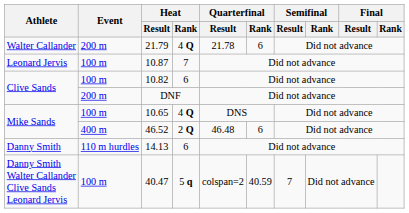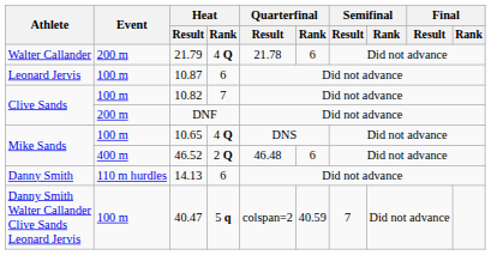 <table class="wikitable" style="font-size:90%">
 <tr>
 <th rowspan="2">Athlete</th>
 <th rowspan="2">Event</th>
 <th colspan="2">Heat</th>
 <th colspan="2">Quarterfinal</th>
 <th colspan="2">Semifinal</th>
 <th colspan="2">Final</th>
 </tr>
 <tr style="font-size:95%">
 <th>Result</th>
 <th>Rank</th>
 <th>Result</th>
 <th>Rank</th>
 <th>Result</th>
 <th>Rank</th>
 <th>Result</th>
 <th>Rank</th>
 </tr>
 <tr align=center>
 <td align=left><a href='#'>Walter Callander</a></td>
 <td align=left><a href='#'>200 m</a></td>
 <td>21.79</td>
 <td>4 <strong>Q</strong></td>
 <td>21.78</td>
 <td>6</td>
 <td colspan=4>Did not advance</td>
 </tr>
 <tr align=center>
 <td align=left><a href='#'>Leonard Jervis</a></td>
 <td align=left><a href='#'>100 m</a></td>
 <td>10.87</td>
-<td>7</td>
+<td>6</td>
 <td colspan=6>Did not advance</td>
 </tr>
 <tr align=center>
 <td align=left rowspan=2><a href='#'>Clive Sands</a></td>
 <td align=left><a href='#'>100 m</a></td>
 <td>10.82</td>
-<td>6</td>
+<td>7</td>
 <td colspan=6>Did not advance</td>
 </tr>
 <tr align=center>
 <td align=left><a href='#'>200 m</a></td>
 <td colspan=2>DNF</td>
 <td colspan=6>Did not advance</td>
 </tr>
 <tr align=center>
 <td align=left rowspan=2><a href='#'>Mike Sands</a></td>
 <td align=left><a href='#'>100 m</a></td>
 <td>10.65</td>
 <td>4 <strong>Q</strong></td>
 <td colspan=2>DNS</td>
 <td colspan=4>Did not advance</td>
 </tr>
 <tr align=center>
 <td align=left><a href='#'>400 m</a></td>
 <td>46.52</td>
 <td>2 <strong>Q</strong></td>
 <td>46.48</td>
 <td>6</td>
 <td colspan=4>Did not advance</td>
 </tr>
 <tr align=center>
 <td align=left><a href='#'>Danny Smith</a></td>
 <td align=left><a href='#'>110 m hurdles</a></td>
 <td>14.13</td>
 <td>6</td>
 <td colspan=6>Did not advance</td>
 </tr>
 <tr align=center>
 <td align=left><a href='#'>Danny Smith</a><br><a href='#'>Walter Callander</a><br><a href='#'>Clive Sands</a><br><a href='#'>Leonard Jervis</a></td>
 <td align=left><a href='#'>100 m</a></td>
 <td>40.47</td>
 <td>5 <strong>q</strong></td>
 <td>colspan=2 </td>
 <td>40.59</td>
 <td>7</td>
 <td colspan=2>Did not advance</td>
 </tr>
 </table>
